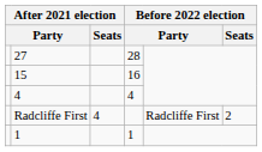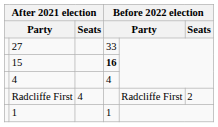 <table class="wikitable">
 <tr>
 <th colspan="3">After 2021 election</th>
 <th colspan="3">Before 2022 election</th>
 </tr>
 <tr>
 <th colspan="2">Party</th>
 <th>Seats</th>
 <th colspan="2">Party</th>
 <th>Seats</th>
 </tr>
 <tr>
 <td></td>
 <td>27</td>
 <td></td>
-<td>28</td>
+<td>33</td>
 </tr>
 <tr>
 <td></td>
 <td>15</td>
 <td></td>
-<td>16</td>
+<td><strong>16</strong></td>
 </tr>
 <tr>
 <td></td>
 <td>4</td>
 <td></td>
 <td>4</td>
 </tr>
 <tr>
 <td></td>
 <td>Radcliffe First</td>
 <td>4</td>
 <td></td>
 <td>Radcliffe First</td>
 <td>2</td>
 </tr>
 <tr>
 <td></td>
 <td>1</td>
 <td></td>
 <td>1</td>
 </tr>
 </table>
